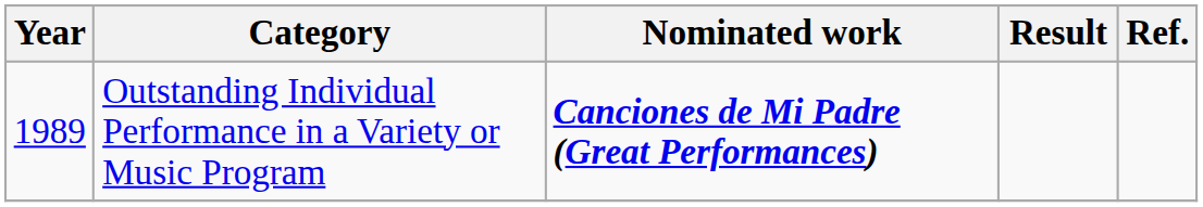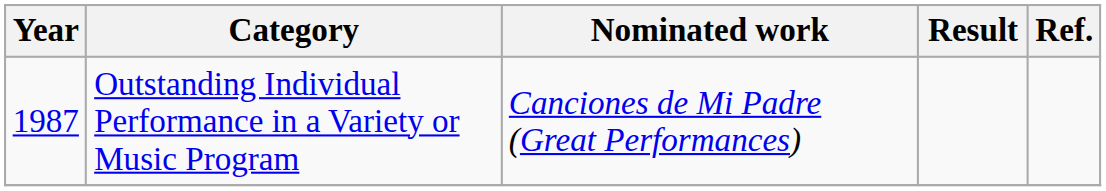 <table class="wikitable" style="width:85%;">
 <tr>
 <th width=5%>Year</th>
 <th style="width:40%;">Category</th>
 <th style="width:40%;">Nominated work</th>
 <th style="width:10%;">Result</th>
 <th style="width:5%;">Ref.</th>
 </tr>
 <tr>
-<td style="text-align:center;"><a href='#'>1989</a></td>
+<td style="text-align:center;"><a href='#'>1987</a></td>
 <td><a href='#'>Outstanding Individual Performance in a Variety or Music Program</a></td>
-<td><strong><em><a href='#'>Canciones de Mi Padre</a> (<a href='#'>Great Performances</a>)</em></strong></td>
+<td><em><a href='#'>Canciones de Mi Padre</a> (<a href='#'>Great Performances</a>)</em></td>
 <td></td>
 <td></td>
 </tr>
 <tr>
 </tr>
 </table>
